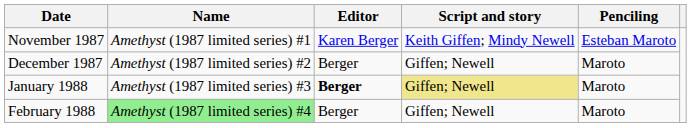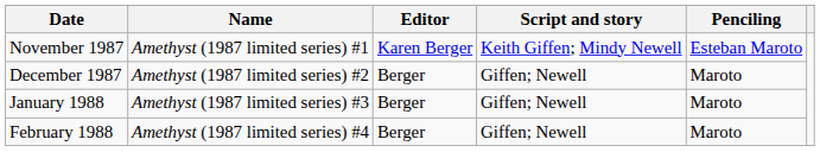 <table class="wikitable">
 <tr>
 <th>Date</th>
 <th>Name</th>
 <th>Editor</th>
 <th>Script and story</th>
 <th>Penciling</th>
 <th></th>
 </tr>
 <tr>
 <td>November 1987</td>
 <td><em>Amethyst</em> (1987 limited series) #1</td>
 <td><a href='#'>Karen Berger</a></td>
 <td><a href='#'>Keith Giffen</a>; <a href='#'>Mindy Newell</a></td>
 <td><a href='#'>Esteban Maroto</a></td>
 <td rowspan="4"></td>
 </tr>
 <tr>
 <td>December 1987</td>
 <td><em>Amethyst</em> (1987 limited series) #2</td>
 <td>Berger</td>
 <td>Giffen; Newell</td>
 <td>Maroto</td>
 </tr>
 <tr>
 <td>January 1988</td>
 <td><em>Amethyst</em> (1987 limited series) #3</td>
-<td><strong>Berger</strong></td>
-<td style="background: khaki;">Giffen; Newell</td>
+<td>Berger</td>
+<td>Giffen; Newell</td>
 <td>Maroto</td>
 </tr>
 <tr>
 <td>February 1988</td>
-<td style="background: lightgreen;"><em>Amethyst</em> (1987 limited series) #4</td>
+<td><em>Amethyst</em> (1987 limited series) #4</td>
 <td>Berger</td>
 <td>Giffen; Newell</td>
 <td>Maroto</td>
 </tr>
 </table>
